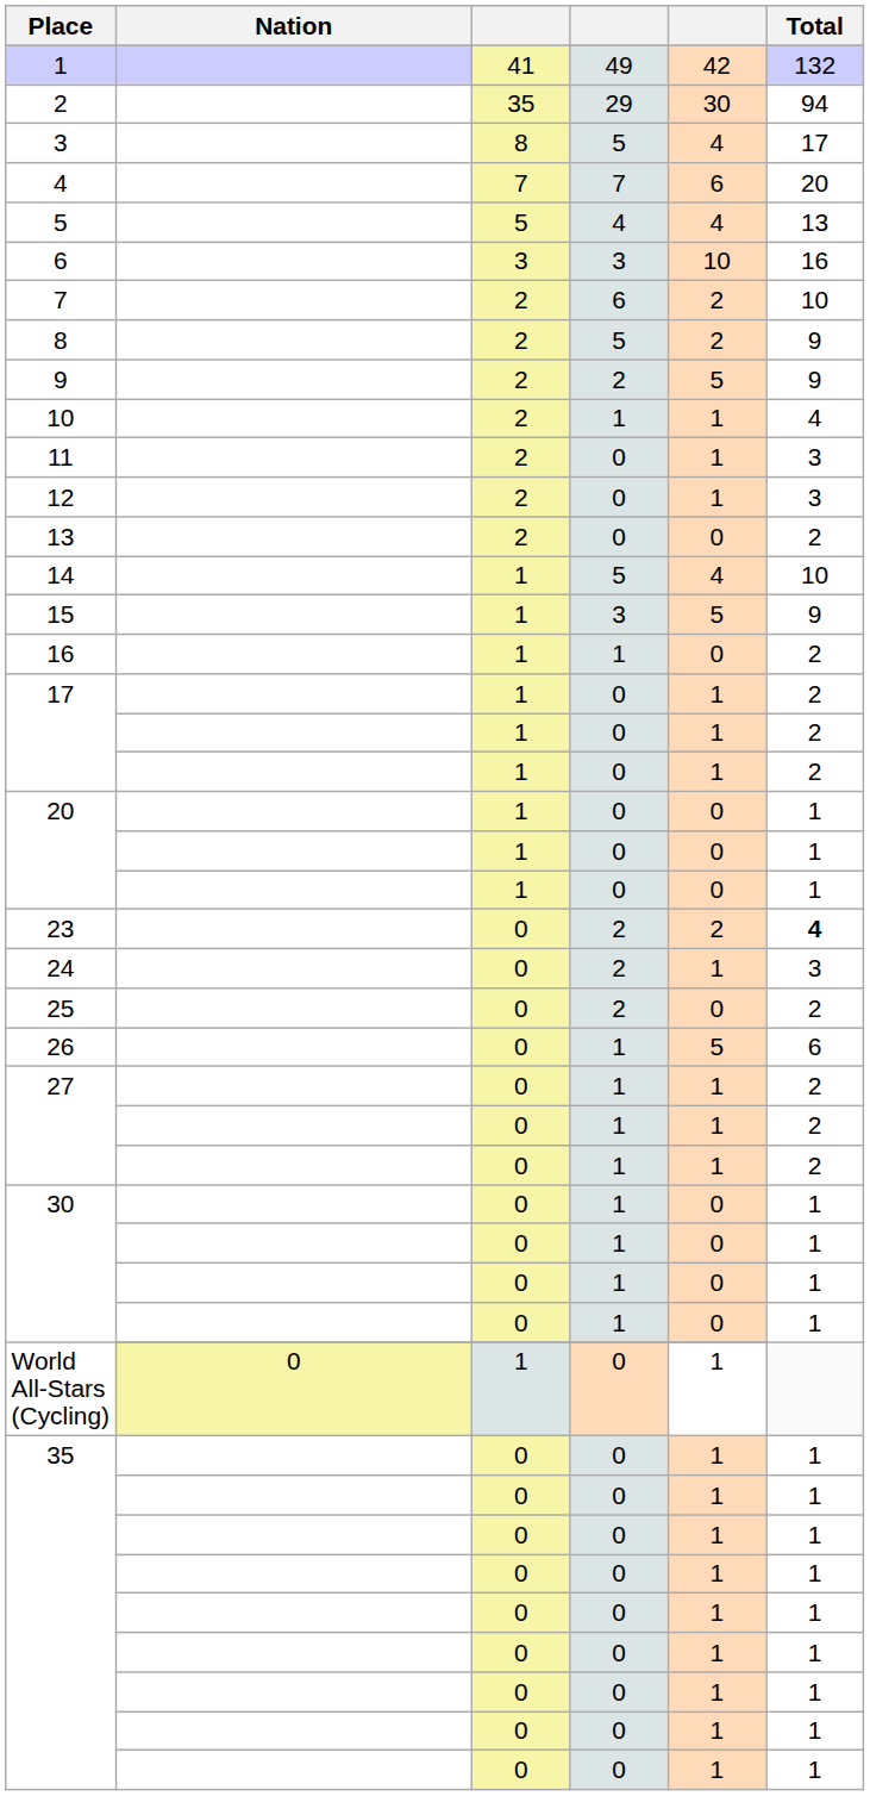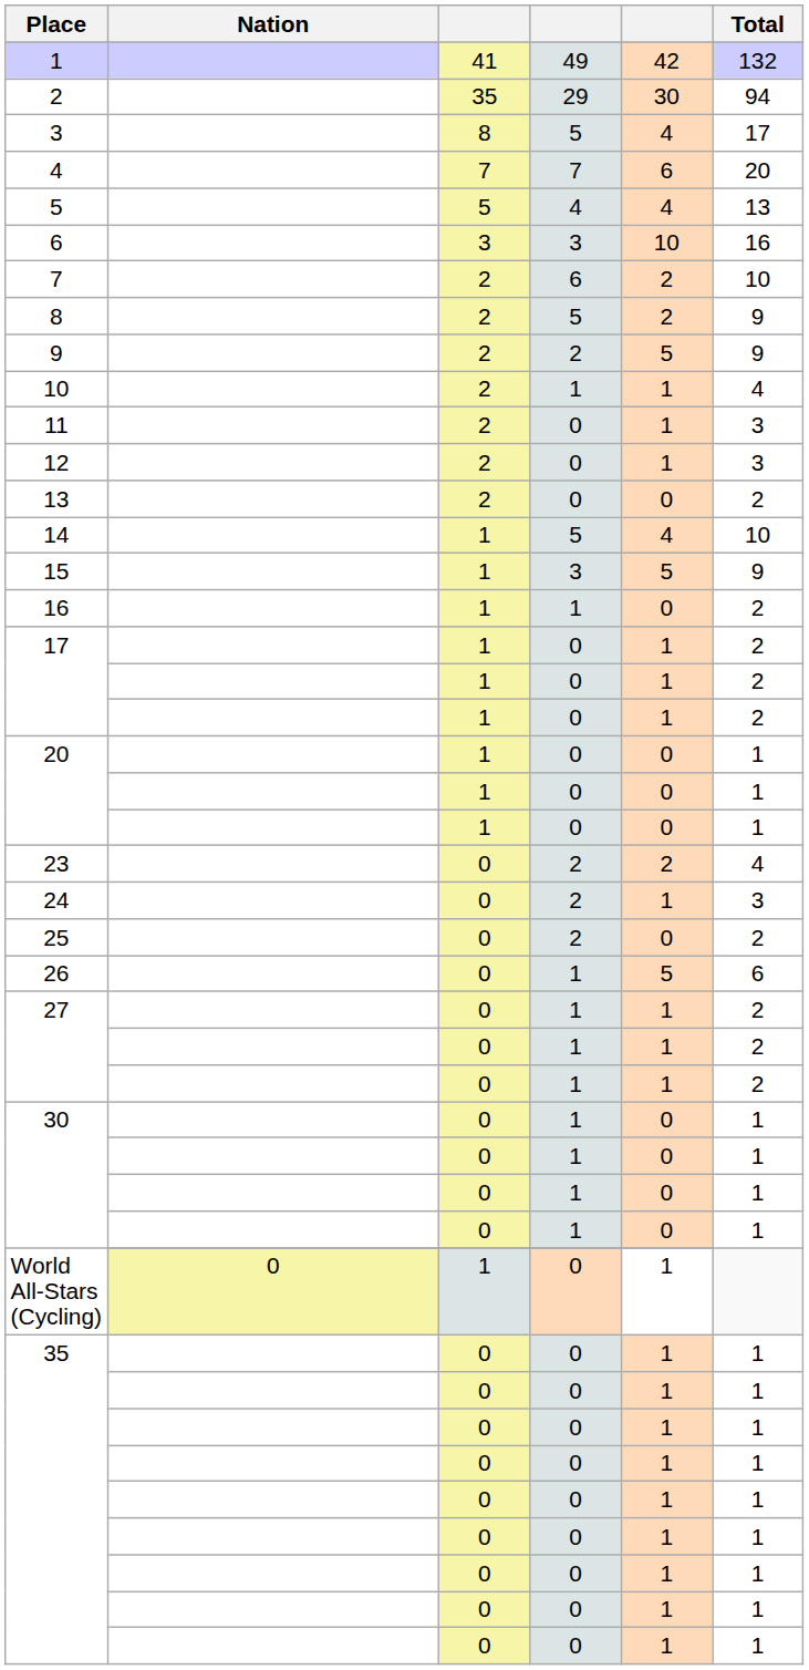 <table class=wikitable style="border:1px solid #AAAAAA;font-size:90%">
 <tr bgcolor="#EFEFEF">
 <th width=50>Place</th>
 <th width=200>Nation</th>
 <th width=50></th>
 <th width=50></th>
 <th width=50></th>
 <th width=50>Total</th>
 </tr>
 <tr align="center" valign="top" bgcolor="#FFFFFF" style="background:#ccccff">
 <td>1</td>
 <td align="left"></td>
 <td style="background:#F7F6A8;">41</td>
 <td style="background:#DCE5E5;">49</td>
 <td style="background:#FFDAB9;">42</td>
 <td>132</td>
 </tr>
 <tr align="center" valign="top" bgcolor="#FFFFFF">
 <td>2</td>
 <td align="left"></td>
 <td style="background:#F7F6A8;">35</td>
 <td style="background:#DCE5E5;">29</td>
 <td style="background:#FFDAB9;">30</td>
 <td>94</td>
 </tr>
 <tr align="center" valign="top" bgcolor="#FFFFFF">
 <td>3</td>
 <td align="left"></td>
 <td style="background:#F7F6A8;">8</td>
 <td style="background:#DCE5E5;">5</td>
 <td style="background:#FFDAB9;">4</td>
 <td>17</td>
 </tr>
 <tr align="center" valign="top" bgcolor="#FFFFFF">
 <td>4</td>
 <td align="left"></td>
 <td style="background:#F7F6A8;">7</td>
 <td style="background:#DCE5E5;">7</td>
 <td style="background:#FFDAB9;">6</td>
 <td>20</td>
 </tr>
 <tr align="center" valign="top" bgcolor="#FFFFFF">
 <td>5</td>
 <td align="left"></td>
 <td style="background:#F7F6A8;">5</td>
 <td style="background:#DCE5E5;">4</td>
 <td style="background:#FFDAB9;">4</td>
 <td>13</td>
 </tr>
 <tr align="center" valign="top" bgcolor="#FFFFFF">
 <td>6</td>
 <td align="left"></td>
 <td style="background:#F7F6A8;">3</td>
 <td style="background:#DCE5E5;">3</td>
 <td style="background:#FFDAB9;">10</td>
 <td>16</td>
 </tr>
 <tr align="center" valign="top" bgcolor="#FFFFFF">
 <td>7</td>
 <td align="left"></td>
 <td style="background:#F7F6A8;">2</td>
 <td style="background:#DCE5E5;">6</td>
 <td style="background:#FFDAB9;">2</td>
 <td>10</td>
 </tr>
 <tr align="center" valign="top" bgcolor="#FFFFFF">
 <td>8</td>
 <td align="left"></td>
 <td style="background:#F7F6A8;">2</td>
 <td style="background:#DCE5E5;">5</td>
 <td style="background:#FFDAB9;">2</td>
 <td>9</td>
 </tr>
 <tr align="center" valign="top" bgcolor="#FFFFFF">
 <td>9</td>
 <td align="left"></td>
 <td style="background:#F7F6A8;">2</td>
 <td style="background:#DCE5E5;">2</td>
 <td style="background:#FFDAB9;">5</td>
 <td>9</td>
 </tr>
 <tr align="center" valign="top" bgcolor="#FFFFFF">
 <td>10</td>
 <td align="left"></td>
 <td style="background:#F7F6A8;">2</td>
 <td style="background:#DCE5E5;">1</td>
 <td style="background:#FFDAB9;">1</td>
 <td>4</td>
 </tr>
 <tr align="center" valign="top" bgcolor="#FFFFFF">
 <td>11</td>
 <td align="left"></td>
 <td style="background:#F7F6A8;">2</td>
 <td style="background:#DCE5E5;">0</td>
 <td style="background:#FFDAB9;">1</td>
 <td>3</td>
 </tr>
 <tr align="center" valign="top" bgcolor="#FFFFFF">
 <td>12</td>
 <td align="left"></td>
 <td style="background:#F7F6A8;">2</td>
 <td style="background:#DCE5E5;">0</td>
 <td style="background:#FFDAB9;">1</td>
 <td>3</td>
 </tr>
 <tr align="center" valign="top" bgcolor="#FFFFFF">
 <td>13</td>
 <td align="left"></td>
 <td style="background:#F7F6A8;">2</td>
 <td style="background:#DCE5E5;">0</td>
 <td style="background:#FFDAB9;">0</td>
 <td>2</td>
 </tr>
 <tr align="center" valign="top" bgcolor="#FFFFFF">
 <td>14</td>
 <td align="left"></td>
 <td style="background:#F7F6A8;">1</td>
 <td style="background:#DCE5E5;">5</td>
 <td style="background:#FFDAB9;">4</td>
 <td>10</td>
 </tr>
 <tr align="center" valign="top" bgcolor="#FFFFFF">
 <td>15</td>
 <td align="left"></td>
 <td style="background:#F7F6A8;">1</td>
 <td style="background:#DCE5E5;">3</td>
 <td style="background:#FFDAB9;">5</td>
 <td>9</td>
 </tr>
 <tr align="center" valign="top" bgcolor="#FFFFFF">
 <td>16</td>
 <td align="left"></td>
 <td style="background:#F7F6A8;">1</td>
 <td style="background:#DCE5E5;">1</td>
 <td style="background:#FFDAB9;">0</td>
 <td>2</td>
 </tr>
 <tr align="center" valign="top" bgcolor="#FFFFFF">
 <td rowspan=3>17</td>
 <td align="left"></td>
 <td style="background:#F7F6A8;">1</td>
 <td style="background:#DCE5E5;">0</td>
 <td style="background:#FFDAB9;">1</td>
 <td>2</td>
 </tr>
 <tr align="center" valign="top" bgcolor="#FFFFFF">
 <td align="left"></td>
 <td style="background:#F7F6A8;">1</td>
 <td style="background:#DCE5E5;">0</td>
 <td style="background:#FFDAB9;">1</td>
 <td>2</td>
 </tr>
 <tr align="center" valign="top" bgcolor="#FFFFFF">
 <td align="left"></td>
 <td style="background:#F7F6A8;">1</td>
 <td style="background:#DCE5E5;">0</td>
 <td style="background:#FFDAB9;">1</td>
 <td>2</td>
 </tr>
 <tr align="center" valign="top" bgcolor="#FFFFFF">
 <td rowspan=3>20</td>
 <td align="left"></td>
 <td style="background:#F7F6A8;">1</td>
 <td style="background:#DCE5E5;">0</td>
 <td style="background:#FFDAB9;">0</td>
 <td>1</td>
 </tr>
 <tr align="center" valign="top" bgcolor="#FFFFFF">
 <td align="left"></td>
 <td style="background:#F7F6A8;">1</td>
 <td style="background:#DCE5E5;">0</td>
 <td style="background:#FFDAB9;">0</td>
 <td>1</td>
 </tr>
 <tr align="center" valign="top" bgcolor="#FFFFFF">
 <td align="left"></td>
 <td style="background:#F7F6A8;">1</td>
 <td style="background:#DCE5E5;">0</td>
 <td style="background:#FFDAB9;">0</td>
 <td>1</td>
 </tr>
 <tr align="center" valign="top" bgcolor="#FFFFFF">
 <td>23</td>
 <td align="left"></td>
 <td style="background:#F7F6A8;">0</td>
 <td style="background:#DCE5E5;">2</td>
 <td style="background:#FFDAB9;">2</td>
-<td><strong>4</strong></td>
+<td>4</td>
 </tr>
 <tr align="center" valign="top" bgcolor="#FFFFFF">
 <td>24</td>
 <td align="left"></td>
 <td style="background:#F7F6A8;">0</td>
 <td style="background:#DCE5E5;">2</td>
 <td style="background:#FFDAB9;">1</td>
 <td>3</td>
 </tr>
 <tr align="center" valign="top" bgcolor="#FFFFFF">
 <td>25</td>
 <td align="left"></td>
 <td style="background:#F7F6A8;">0</td>
 <td style="background:#DCE5E5;">2</td>
 <td style="background:#FFDAB9;">0</td>
 <td>2</td>
 </tr>
 <tr align="center" valign="top" bgcolor="#FFFFFF">
 <td>26</td>
 <td align="left"></td>
 <td style="background:#F7F6A8;">0</td>
 <td style="background:#DCE5E5;">1</td>
 <td style="background:#FFDAB9;">5</td>
 <td>6</td>
 </tr>
 <tr align="center" valign="top" bgcolor="#FFFFFF">
 <td rowspan=3>27</td>
 <td align="left"></td>
 <td style="background:#F7F6A8;">0</td>
 <td style="background:#DCE5E5;">1</td>
 <td style="background:#FFDAB9;">1</td>
 <td>2</td>
 </tr>
 <tr align="center" valign="top" bgcolor="#FFFFFF">
 <td align="left"></td>
 <td style="background:#F7F6A8;">0</td>
 <td style="background:#DCE5E5;">1</td>
 <td style="background:#FFDAB9;">1</td>
 <td>2</td>
 </tr>
 <tr align="center" valign="top" bgcolor="#FFFFFF">
 <td align="left"></td>
 <td style="background:#F7F6A8;">0</td>
 <td style="background:#DCE5E5;">1</td>
 <td style="background:#FFDAB9;">1</td>
 <td>2</td>
 </tr>
 <tr align="center" valign="top" bgcolor="#FFFFFF">
 <td rowspan=5>30</td>
 <td align="left"></td>
 <td style="background:#F7F6A8;">0</td>
 <td style="background:#DCE5E5;">1</td>
 <td style="background:#FFDAB9;">0</td>
 <td>1</td>
 </tr>
 <tr align="center" valign="top" bgcolor="#FFFFFF">
 <td align="left"></td>
 <td style="background:#F7F6A8;">0</td>
 <td style="background:#DCE5E5;">1</td>
 <td style="background:#FFDAB9;">0</td>
 <td>1</td>
 </tr>
 <tr align="center" valign="top" bgcolor="#FFFFFF">
 <td align="left"></td>
 <td style="background:#F7F6A8;">0</td>
 <td style="background:#DCE5E5;">1</td>
 <td style="background:#FFDAB9;">0</td>
 <td>1</td>
 </tr>
 <tr align="center" valign="top" bgcolor="#FFFFFF">
 <td align="left"></td>
 <td style="background:#F7F6A8;">0</td>
 <td style="background:#DCE5E5;">1</td>
 <td style="background:#FFDAB9;">0</td>
 <td>1</td>
 </tr>
 <tr align="center" valign="top" bgcolor="#FFFFFF">
 </tr>
 <tr align="center" valign="top" bgcolor="#FFFFFF">
 <td align="left">World All-Stars (Cycling)</td>
 <td style="background:#F7F6A8;">0</td>
 <td style="background:#DCE5E5;">1</td>
 <td style="background:#FFDAB9;">0</td>
 <td>1</td>
 </tr>
 <tr align="center" valign="top" bgcolor="#FFFFFF">
 <td rowspan=9>35</td>
 <td align="left"></td>
 <td style="background:#F7F6A8;">0</td>
 <td style="background:#DCE5E5;">0</td>
 <td style="background:#FFDAB9;">1</td>
 <td>1</td>
 </tr>
 <tr align="center" valign="top" bgcolor="#FFFFFF">
 <td align="left"></td>
 <td style="background:#F7F6A8;">0</td>
 <td style="background:#DCE5E5;">0</td>
 <td style="background:#FFDAB9;">1</td>
 <td>1</td>
 </tr>
 <tr align="center" valign="top" bgcolor="#FFFFFF">
 <td align="left"></td>
 <td style="background:#F7F6A8;">0</td>
 <td style="background:#DCE5E5;">0</td>
 <td style="background:#FFDAB9;">1</td>
 <td>1</td>
 </tr>
 <tr align="center" valign="top" bgcolor="#FFFFFF">
 <td align="left"></td>
 <td style="background:#F7F6A8;">0</td>
 <td style="background:#DCE5E5;">0</td>
 <td style="background:#FFDAB9;">1</td>
 <td>1</td>
 </tr>
 <tr align="center" valign="top" bgcolor="#FFFFFF">
 <td align="left"></td>
 <td style="background:#F7F6A8;">0</td>
 <td style="background:#DCE5E5;">0</td>
 <td style="background:#FFDAB9;">1</td>
 <td>1</td>
 </tr>
 <tr align="center" valign="top" bgcolor="#FFFFFF">
 <td align="left"></td>
 <td style="background:#F7F6A8;">0</td>
 <td style="background:#DCE5E5;">0</td>
 <td style="background:#FFDAB9;">1</td>
 <td>1</td>
 </tr>
 <tr align="center" valign="top" bgcolor="#FFFFFF">
 <td align="left"></td>
 <td style="background:#F7F6A8;">0</td>
 <td style="background:#DCE5E5;">0</td>
 <td style="background:#FFDAB9;">1</td>
 <td>1</td>
 </tr>
 <tr align="center" valign="top" bgcolor="#FFFFFF">
 <td align="left"></td>
 <td style="background:#F7F6A8;">0</td>
 <td style="background:#DCE5E5;">0</td>
 <td style="background:#FFDAB9;">1</td>
 <td>1</td>
 </tr>
 <tr align="center" valign="top" bgcolor="#FFFFFF">
 <td align="left"></td>
 <td style="background:#F7F6A8;">0</td>
 <td style="background:#DCE5E5;">0</td>
 <td style="background:#FFDAB9;">1</td>
 <td>1</td>
 </tr>
 </table>
